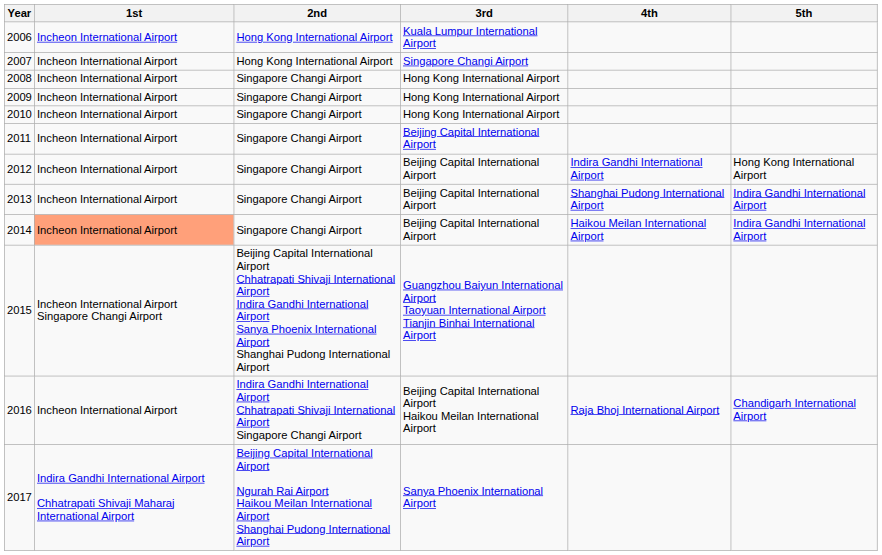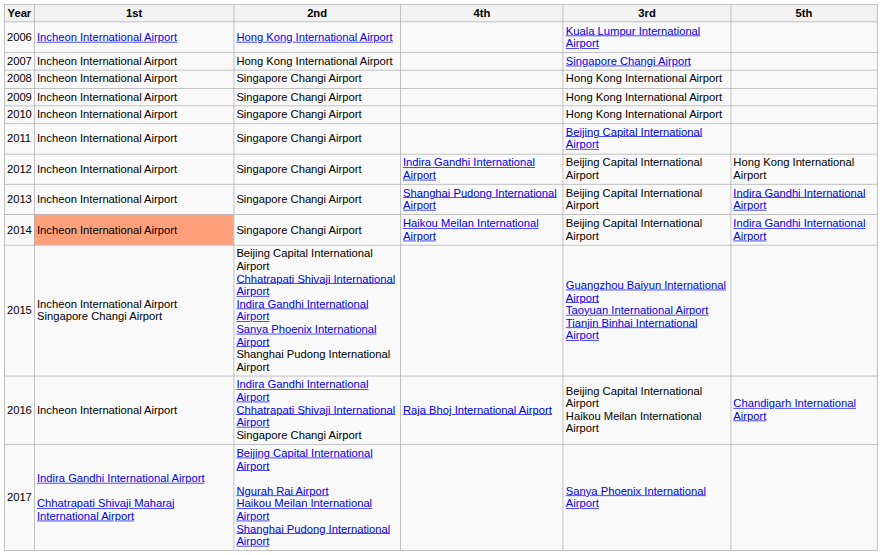 <table class="wikitable">
 <tr>
 <th>Year</th>
 <th>1st</th>
 <th>2nd</th>
+<th>4th</th>
 <th>3rd</th>
-<th>4th</th>
 <th>5th</th>
 </tr>
 <tr>
 <td>2006</td>
 <td> <a href='#'>Incheon International Airport</a></td>
 <td> <a href='#'>Hong Kong International Airport</a></td>
+<td></td>
 <td> <a href='#'>Kuala Lumpur International Airport</a></td>
-<td></td>
 <td></td>
 </tr>
 <tr>
 <td>2007</td>
 <td> Incheon International Airport</td>
 <td> Hong Kong International Airport</td>
+<td></td>
 <td> <a href='#'>Singapore Changi Airport</a></td>
-<td></td>
 <td></td>
 </tr>
 <tr>
 <td>2008</td>
 <td> Incheon International Airport</td>
 <td> Singapore Changi Airport</td>
+<td></td>
 <td> Hong Kong International Airport</td>
-<td></td>
 <td></td>
 </tr>
 <tr>
 <td>2009</td>
 <td> Incheon International Airport</td>
 <td> Singapore Changi Airport</td>
+<td></td>
 <td> Hong Kong International Airport</td>
-<td></td>
 <td></td>
 </tr>
 <tr>
 <td>2010</td>
 <td> Incheon International Airport</td>
 <td> Singapore Changi Airport</td>
+<td></td>
 <td> Hong Kong International Airport</td>
-<td></td>
 <td></td>
 </tr>
 <tr>
 <td>2011</td>
 <td> Incheon International Airport</td>
 <td> Singapore Changi Airport</td>
+<td></td>
 <td> <a href='#'>Beijing Capital International Airport</a></td>
-<td></td>
 <td></td>
 </tr>
 <tr>
 <td>2012</td>
 <td> Incheon International Airport</td>
 <td> Singapore Changi Airport</td>
+<td> <a href='#'>Indira Gandhi International Airport</a></td>
 <td> Beijing Capital International Airport</td>
-<td> <a href='#'>Indira Gandhi International Airport</a></td>
 <td> Hong Kong International Airport</td>
 </tr>
 <tr>
 <td>2013</td>
 <td> Incheon International Airport</td>
 <td> Singapore Changi Airport</td>
+<td> <a href='#'>Shanghai Pudong International Airport</a></td>
 <td> Beijing Capital International Airport</td>
-<td> <a href='#'>Shanghai Pudong International Airport</a></td>
 <td> <a href='#'>Indira Gandhi International Airport</a></td>
 </tr>
 <tr>
 <td>2014</td>
 <td style="background: lightsalmon;"> Incheon International Airport</td>
 <td> Singapore Changi Airport</td>
+<td> <a href='#'>Haikou Meilan International Airport</a></td>
 <td> Beijing Capital International Airport</td>
-<td> <a href='#'>Haikou Meilan International Airport</a></td>
 <td> <a href='#'>Indira Gandhi International Airport</a></td>
 </tr>
 <tr>
 <td>2015</td>
 <td> Incheon International Airport<br> Singapore Changi Airport</td>
 <td> Beijing Capital International Airport<br> <a href='#'>Chhatrapati Shivaji International Airport</a><br> <a href='#'>Indira Gandhi International Airport</a><br> <a href='#'>Sanya Phoenix International Airport</a><br> Shanghai Pudong International Airport</td>
+<td></td>
 <td> <a href='#'>Guangzhou Baiyun International Airport</a><br> <a href='#'>Taoyuan International Airport</a><br> <a href='#'>Tianjin Binhai International Airport</a></td>
-<td></td>
 <td></td>
 </tr>
 <tr>
 <td>2016</td>
 <td> Incheon International Airport</td>
 <td> <a href='#'>Indira Gandhi International Airport</a><br> <a href='#'>Chhatrapati Shivaji International Airport</a><br> Singapore Changi Airport</td>
+<td> <a href='#'>Raja Bhoj International Airport</a> <br></td>
 <td> Beijing Capital International Airport<br> Haikou Meilan International Airport</td>
-<td> <a href='#'>Raja Bhoj International Airport</a> <br></td>
 <td> <a href='#'>Chandigarh International Airport</a> <br></td>
 </tr>
 <tr>
 <td>2017</td>
 <td> <a href='#'>Indira Gandhi International Airport</a><br><br> <a href='#'>Chhatrapati Shivaji Maharaj International Airport</a><br></td>
 <td> <a href='#'>Beijing Capital International Airport</a><br><br> <a href='#'>Ngurah Rai Airport</a><br>  <a href='#'>Haikou Meilan International Airport</a><br>  <a href='#'>Shanghai Pudong International Airport</a><br></td>
+<td></td>
 <td> <a href='#'>Sanya Phoenix International Airport</a><br></td>
-<td></td>
 <td></td>
 </tr>
 </table>
